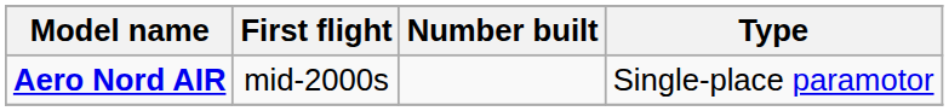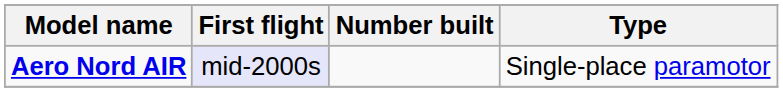 <table class="wikitable" align=center style="font-size:90%;">
 <tr>
 </tr>
 <tr style="background:#efefef;">
 <th>Model name</th>
 <th>First flight</th>
 <th>Number built</th>
 <th>Type</th>
 </tr>
 <tr>
 <td align=left><strong><a href='#'>Aero Nord AIR</a></strong></td>
-<td align=center>mid-2000s</td>
+<td align=center style="background: lavender;">mid-2000s</td>
 <td align=center></td>
 <td align=left>Single-place <a href='#'>paramotor</a></td>
 </tr>
 <tr>
 </tr>
 </table>
